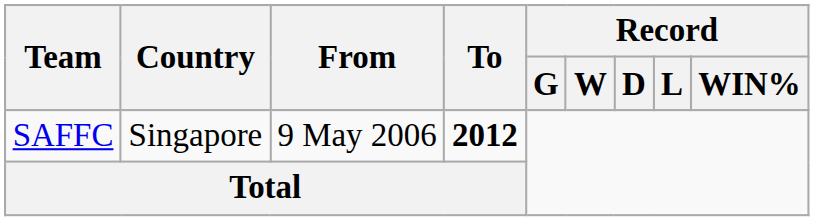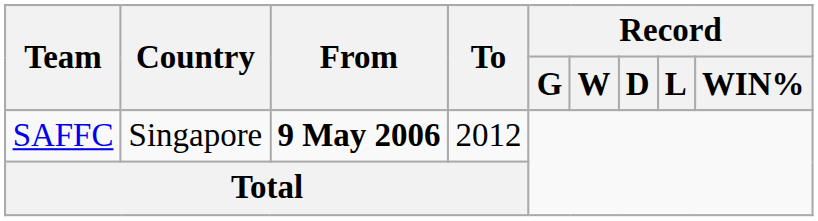 <table class="wikitable">
 <tr>
 <th rowspan=2>Team</th>
 <th rowspan=2>Country</th>
 <th rowspan=2>From</th>
 <th rowspan=2>To</th>
 <th colspan=5>Record</th>
 </tr>
 <tr>
 <th>G</th>
 <th>W</th>
 <th>D</th>
 <th>L</th>
 <th>WIN%</th>
 </tr>
 <tr>
 <td><a href='#'>SAFFC</a></td>
 <td>Singapore</td>
-<td>9 May 2006</td>
-<td><strong>2012<br></strong></td>
+<td><strong>9 May 2006</strong></td>
+<td>2012<br></td>
 </tr>
 <tr>
 <th colspan=4>Total<br></th>
 </tr>
 </table>
